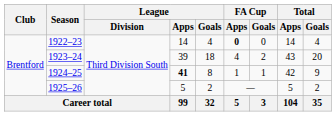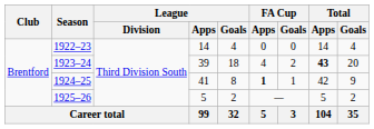 <table class="wikitable" style="text-align: center;">
 <tr>
 <th rowspan="2">Club</th>
 <th rowspan="2">Season</th>
 <th colspan="3">League</th>
 <th colspan="2">FA Cup</th>
 <th colspan="2">Total</th>
 </tr>
 <tr>
 <th>Division</th>
 <th>Apps</th>
 <th>Goals</th>
 <th>Apps</th>
 <th>Goals</th>
 <th>Apps</th>
 <th>Goals</th>
 </tr>
 <tr>
 <td rowspan="4"><a href='#'>Brentford</a></td>
 <td><a href='#'>1922–23</a></td>
 <td rowspan="4"><a href='#'>Third Division South</a></td>
 <td>14</td>
 <td>4</td>
-<td><strong>0</strong></td>
+<td>0</td>
 <td>0</td>
 <td>14</td>
 <td>4</td>
 </tr>
 <tr>
 <td><a href='#'>1923–24</a></td>
 <td>39</td>
 <td>18</td>
 <td>4</td>
 <td>2</td>
-<td>43</td>
+<td><strong>43</strong></td>
 <td>20</td>
 </tr>
 <tr>
 <td><a href='#'>1924–25</a></td>
-<td><strong>41</strong></td>
+<td>41</td>
 <td>8</td>
-<td>1</td>
+<td><strong>1</strong></td>
 <td>1</td>
 <td>42</td>
 <td>9</td>
 </tr>
 <tr>
 <td><a href='#'>1925–26</a></td>
 <td>5</td>
 <td>2</td>
 <td colspan="2"><em>—</em></td>
 <td>5</td>
 <td>2</td>
 </tr>
 <tr>
 <th colspan="3">Career total</th>
 <th>99</th>
 <th>32</th>
 <th>5</th>
 <th>3</th>
 <th>104</th>
 <th>35</th>
 </tr>
 </table>
